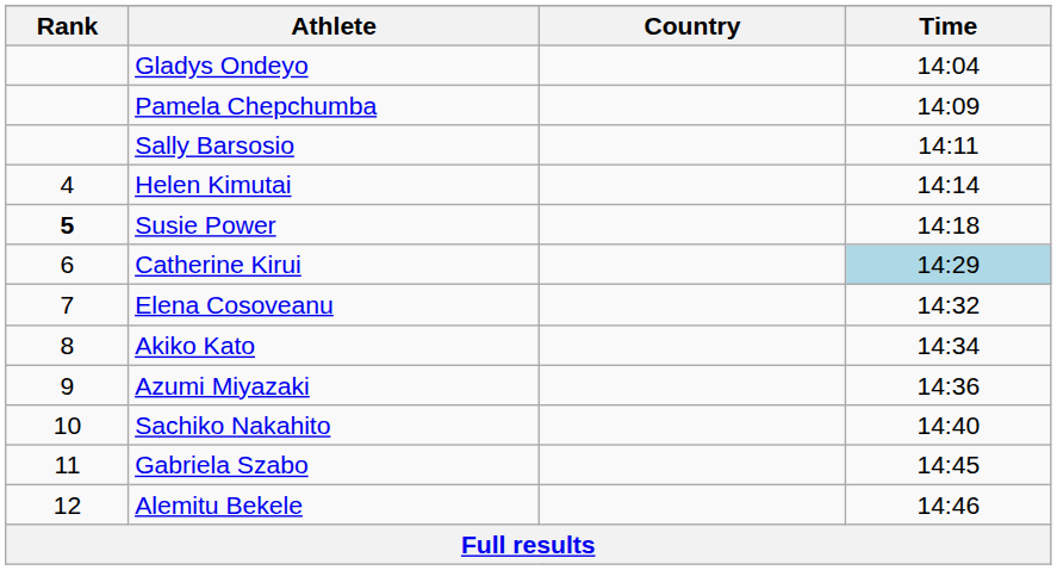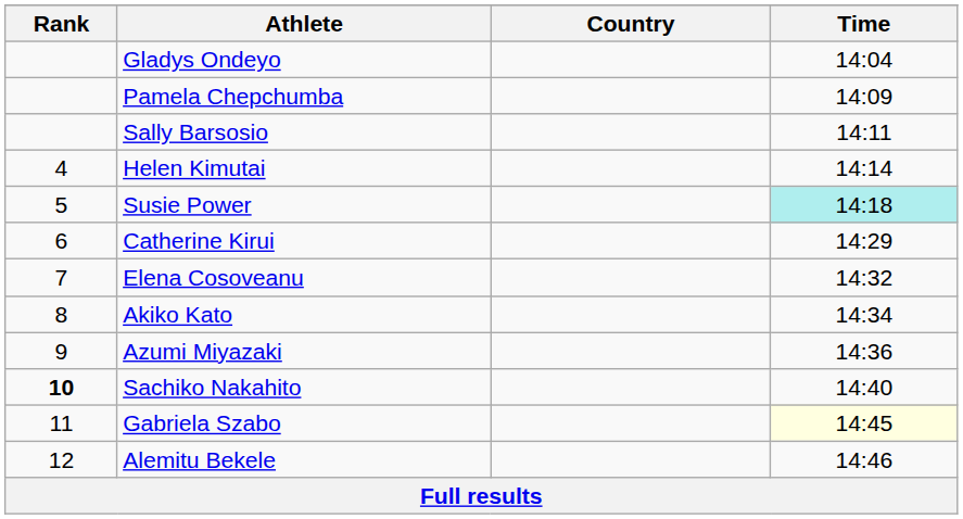 <table class="wikitable sortable" style=" text-align:center; font-size:95%;" width="50%">
 <tr>
 </tr>
 <tr>
 <th width=5%>Rank</th>
 <th width=20%>Athlete</th>
 <th width=15%>Country</th>
 <th width=10%>Time</th>
 </tr>
 <tr>
 <td align=center></td>
 <td align=left><a href='#'>Gladys Ondeyo</a></td>
 <td align=left></td>
 <td>14:04</td>
 </tr>
 <tr>
 <td align=center></td>
 <td align=left><a href='#'>Pamela Chepchumba</a></td>
 <td align=left></td>
 <td>14:09</td>
 </tr>
 <tr>
 <td align=center></td>
 <td align=left><a href='#'>Sally Barsosio</a></td>
 <td align=left></td>
 <td>14:11</td>
 </tr>
 <tr>
 <td align=center>4</td>
 <td align=left><a href='#'>Helen Kimutai</a></td>
 <td align=left></td>
 <td>14:14</td>
 </tr>
 <tr>
-<td align=center><strong>5</strong></td>
+<td align=center>5</td>
 <td align=left><a href='#'>Susie Power</a></td>
 <td align=left></td>
-<td>14:18</td>
+<td style="background: paleturquoise;">14:18</td>
 </tr>
 <tr>
 <td align=center>6</td>
 <td align=left><a href='#'>Catherine Kirui</a></td>
 <td align=left></td>
-<td style="background: lightblue;">14:29</td>
+<td>14:29</td>
 </tr>
 <tr>
 <td align=center>7</td>
 <td align=left><a href='#'>Elena Cosoveanu</a></td>
 <td align=left></td>
 <td>14:32</td>
 </tr>
 <tr>
 <td align=center>8</td>
 <td align=left><a href='#'>Akiko Kato</a></td>
 <td align=left></td>
 <td>14:34</td>
 </tr>
 <tr>
 <td align=center>9</td>
 <td align=left><a href='#'>Azumi Miyazaki</a></td>
 <td align=left></td>
 <td>14:36</td>
 </tr>
 <tr>
-<td align=center>10</td>
+<td align=center><strong>10</strong></td>
 <td align=left><a href='#'>Sachiko Nakahito</a></td>
 <td align=left></td>
 <td>14:40</td>
 </tr>
 <tr>
 <td align=center>11</td>
 <td align=left><a href='#'>Gabriela Szabo</a></td>
 <td align=left></td>
-<td>14:45</td>
+<td style="background: lightyellow;">14:45</td>
 </tr>
 <tr>
 <td align=center>12</td>
 <td align=left><a href='#'>Alemitu Bekele</a></td>
 <td align=left></td>
 <td>14:46</td>
 </tr>
 <tr class="sortbottom">
 <th colspan=4 align=center><a href='#'>Full results</a></th>
 </tr>
 </table>
